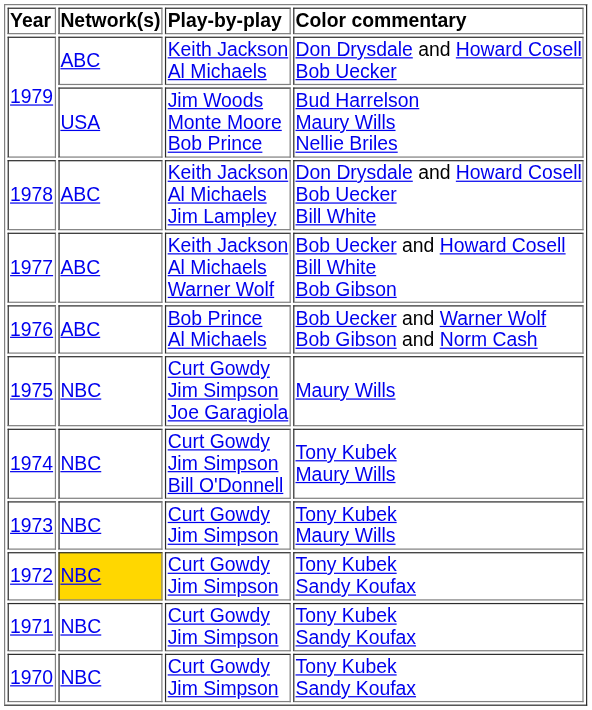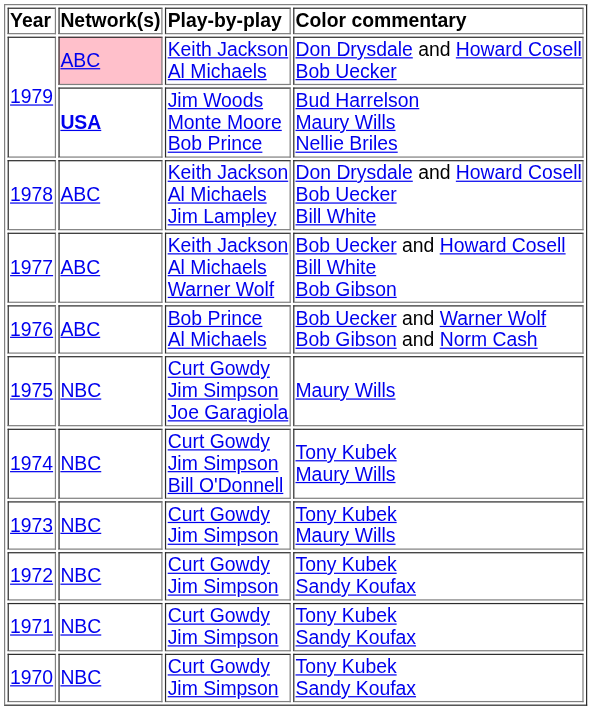 <table border="1" cellpadding="1">
 <tr>
 <td><strong>Year</strong></td>
 <td><strong>Network(s)</strong></td>
 <td><strong>Play-by-play</strong></td>
 <td><strong>Color commentary</strong></td>
 </tr>
 <tr>
 <td rowspan="2" nowrap=""><a href='#'>1979</a></td>
-<td><a href='#'>ABC</a></td>
+<td style="background: pink;"><a href='#'>ABC</a></td>
 <td><a href='#'>Keith Jackson</a><br><a href='#'>Al Michaels</a></td>
 <td><a href='#'>Don Drysdale</a> and <a href='#'>Howard Cosell</a><br><a href='#'>Bob Uecker</a></td>
 </tr>
 <tr>
-<td nowrap><a href='#'>USA</a></td>
+<td nowrap><strong><a href='#'>USA</a></strong></td>
 <td><a href='#'>Jim Woods</a><br><a href='#'>Monte Moore</a><br><a href='#'>Bob Prince</a></td>
 <td><a href='#'>Bud Harrelson</a><br><a href='#'>Maury Wills</a><br><a href='#'>Nellie Briles</a></td>
 </tr>
 <tr>
 <td><a href='#'>1978</a></td>
 <td><a href='#'>ABC</a></td>
 <td><a href='#'>Keith Jackson</a><br><a href='#'>Al Michaels</a><br><a href='#'>Jim Lampley</a></td>
 <td><a href='#'>Don Drysdale</a> and <a href='#'>Howard Cosell</a><br><a href='#'>Bob Uecker</a><br><a href='#'>Bill White</a></td>
 </tr>
 <tr>
 <td><a href='#'>1977</a></td>
 <td><a href='#'>ABC</a></td>
 <td><a href='#'>Keith Jackson</a><br><a href='#'>Al Michaels</a><br><a href='#'>Warner Wolf</a></td>
 <td><a href='#'>Bob Uecker</a> and <a href='#'>Howard Cosell</a><br><a href='#'>Bill White</a><br><a href='#'>Bob Gibson</a></td>
 </tr>
 <tr>
 <td><a href='#'>1976</a></td>
 <td><a href='#'>ABC</a></td>
 <td><a href='#'>Bob Prince</a><br><a href='#'>Al Michaels</a></td>
 <td><a href='#'>Bob Uecker</a> and <a href='#'>Warner Wolf</a><br><a href='#'>Bob Gibson</a> and <a href='#'>Norm Cash</a></td>
 </tr>
 <tr>
 <td><a href='#'>1975</a></td>
 <td><a href='#'>NBC</a></td>
 <td><a href='#'>Curt Gowdy</a><br><a href='#'>Jim Simpson</a><br><a href='#'>Joe Garagiola</a></td>
 <td><a href='#'>Maury Wills</a></td>
 </tr>
 <tr>
 <td><a href='#'>1974</a></td>
 <td><a href='#'>NBC</a></td>
 <td><a href='#'>Curt Gowdy</a><br><a href='#'>Jim Simpson</a><br><a href='#'>Bill O'Donnell</a></td>
 <td><a href='#'>Tony Kubek</a><br><a href='#'>Maury Wills</a></td>
 </tr>
 <tr>
 <td><a href='#'>1973</a></td>
 <td><a href='#'>NBC</a></td>
 <td><a href='#'>Curt Gowdy</a><br><a href='#'>Jim Simpson</a></td>
 <td><a href='#'>Tony Kubek</a><br><a href='#'>Maury Wills</a></td>
 </tr>
 <tr>
 <td><a href='#'>1972</a></td>
-<td style="background: gold;"><a href='#'>NBC</a></td>
+<td><a href='#'>NBC</a></td>
 <td><a href='#'>Curt Gowdy</a><br><a href='#'>Jim Simpson</a></td>
 <td><a href='#'>Tony Kubek</a><br><a href='#'>Sandy Koufax</a></td>
 </tr>
 <tr>
 <td><a href='#'>1971</a></td>
 <td><a href='#'>NBC</a></td>
 <td><a href='#'>Curt Gowdy</a><br><a href='#'>Jim Simpson</a></td>
 <td><a href='#'>Tony Kubek</a><br><a href='#'>Sandy Koufax</a></td>
 </tr>
 <tr>
 <td><a href='#'>1970</a></td>
 <td><a href='#'>NBC</a></td>
 <td><a href='#'>Curt Gowdy</a><br><a href='#'>Jim Simpson</a></td>
 <td><a href='#'>Tony Kubek</a><br><a href='#'>Sandy Koufax</a></td>
 </tr>
 </table>
